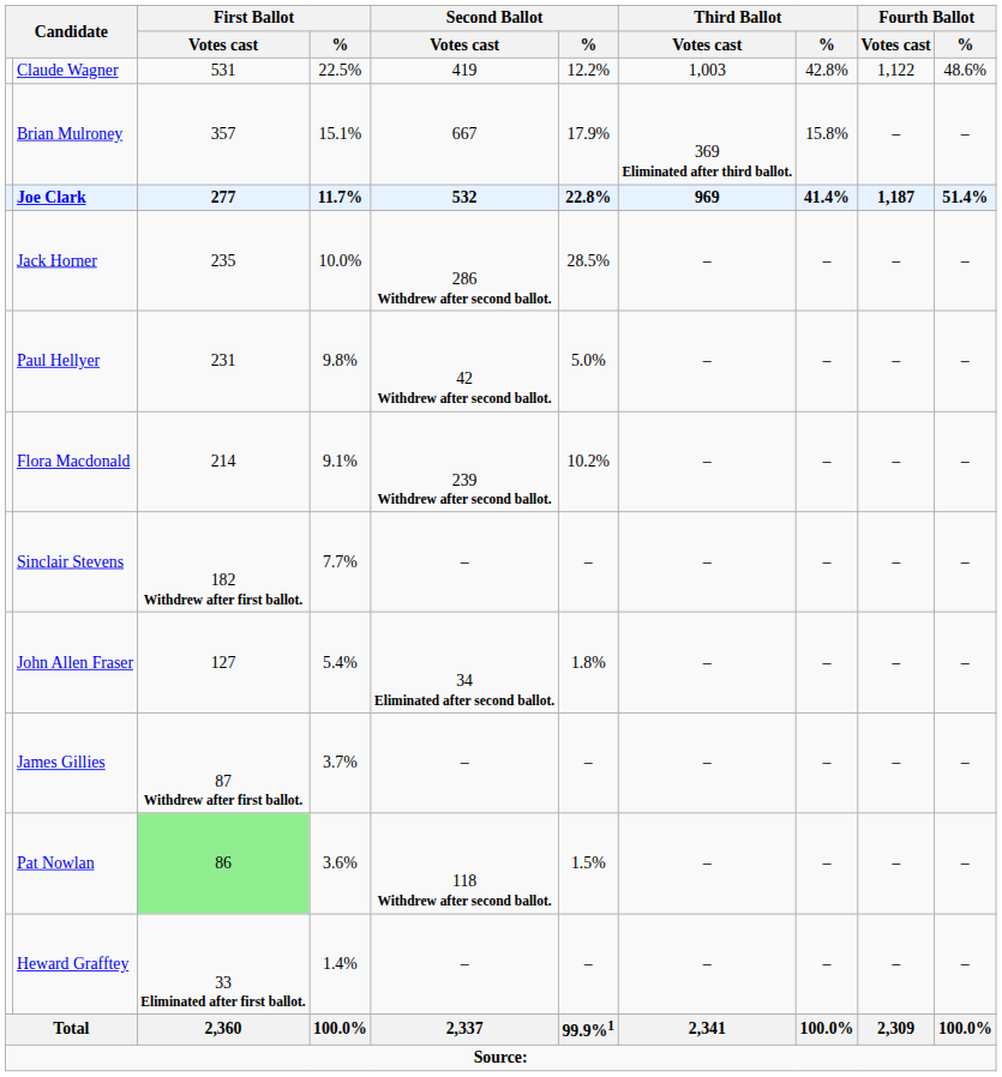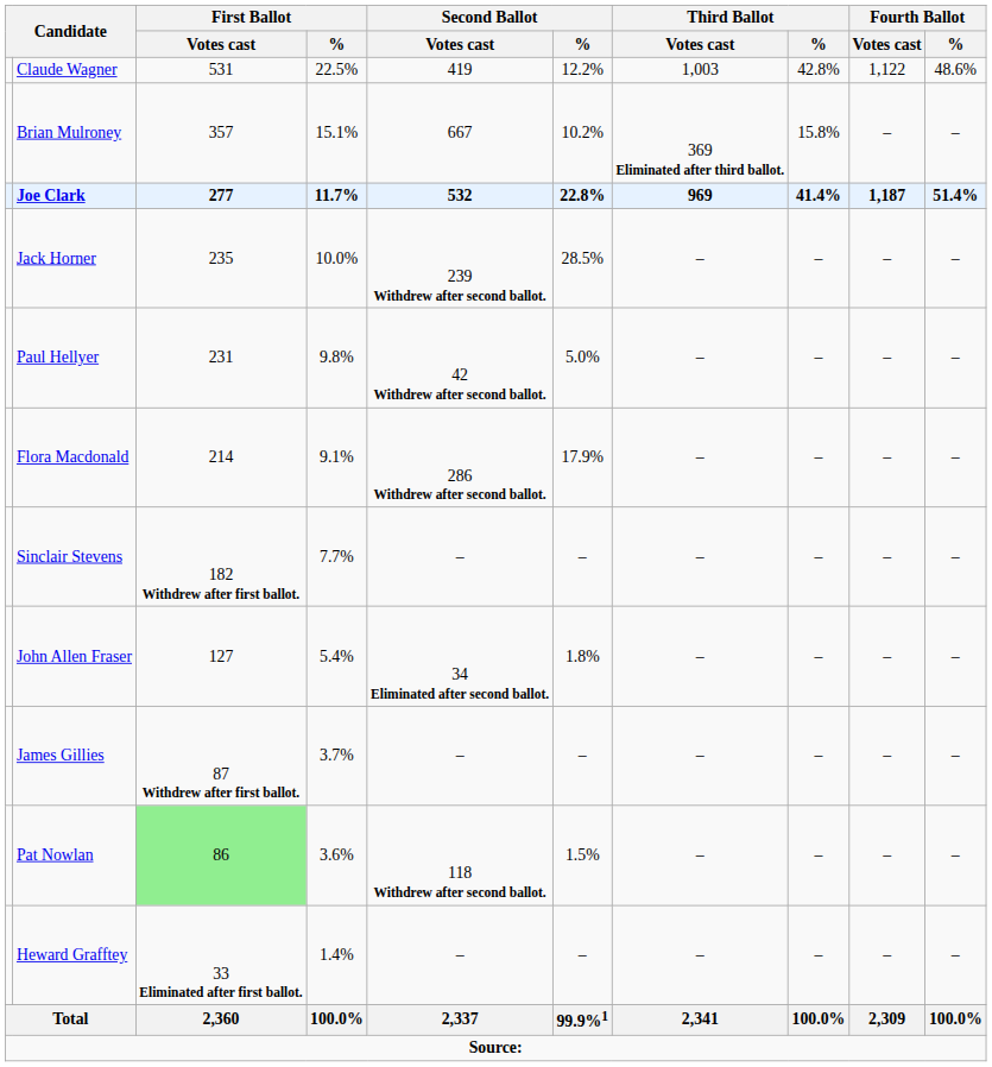 <table class="wikitable">
 <tr>
 <th rowspan="2" colspan="2">Candidate</th>
 <th colspan = "2">First Ballot</th>
 <th colspan = "2">Second Ballot</th>
 <th colspan = "2">Third Ballot</th>
 <th colspan = "2">Fourth Ballot</th>
 </tr>
 <tr>
 <th>Votes cast</th>
 <th>%</th>
 <th>Votes cast</th>
 <th>%</th>
 <th>Votes cast</th>
 <th>%</th>
 <th>Votes cast</th>
 <th>%</th>
 </tr>
 <tr>
 <td></td>
 <td><a href='#'>Claude Wagner</a></td>
 <td align = "center">531</td>
 <td align = "center">22.5%</td>
 <td align = "center">419</td>
 <td align = "center">12.2%</td>
 <td align = "center">1,003</td>
 <td align = "center">42.8%</td>
 <td align = "center">1,122</td>
 <td align = "center">48.6%</td>
 </tr>
 <tr>
 <td></td>
 <td><a href='#'>Brian Mulroney</a></td>
 <td align = "center">357</td>
 <td align = "center">15.1%</td>
 <td align = "center">667</td>
-<td align = "center">17.9%</td>
+<td align = "center">10.2%</td>
 <td align = "center"><br><br><br>369<br><strong><small>Eliminated after third ballot.</small></strong></td>
 <td align = "center">15.8%</td>
 <td align = "center">–</td>
 <td align = "center">–</td>
 </tr>
 <tr style="background:#E6F2FF">
 <td></td>
 <td><strong><a href='#'>Joe Clark</a></strong></td>
 <td align = "center"><strong>277</strong></td>
 <td align = "center"><strong>11.7%</strong></td>
 <td align = "center"><strong>532</strong></td>
 <td align = "center"><strong>22.8%</strong></td>
 <td align = "center"><strong>969</strong></td>
 <td align = "center"><strong>41.4%</strong></td>
 <td align = "center"><strong>1,187</strong></td>
 <td align = "center"><strong>51.4%</strong></td>
 </tr>
 <tr>
 <td></td>
 <td><a href='#'>Jack Horner</a></td>
 <td align = "center">235</td>
 <td align = "center">10.0%</td>
-<td align = "center"><br><br><br>286<br><strong><small>Withdrew after second ballot.</small></strong></td>
+<td align = "center"><br><br><br>239<br><strong><small>Withdrew after second ballot.</small></strong></td>
 <td align = "center">28.5%</td>
 <td align = "center">–</td>
 <td align = "center">–</td>
 <td align = "center">–</td>
 <td align = "center">–</td>
 </tr>
 <tr>
 <td></td>
 <td><a href='#'>Paul Hellyer</a></td>
 <td align = "center">231</td>
 <td align = "center">9.8%</td>
 <td align = "center"><br><br><br>42<br><strong><small>Withdrew after second ballot.</small></strong></td>
 <td align = "center">5.0%</td>
 <td align = "center">–</td>
 <td align = "center">–</td>
 <td align = "center">–</td>
 <td align = "center">–</td>
 </tr>
 <tr>
 <td></td>
 <td><a href='#'>Flora Macdonald</a></td>
 <td align = "center">214</td>
 <td align = "center">9.1%</td>
-<td align = "center"><br><br><br>239<br><strong><small>Withdrew after second ballot.</small></strong></td>
-<td align = "center">10.2%</td>
+<td align = "center"><br><br><br>286<br><strong><small>Withdrew after second ballot.</small></strong></td>
+<td align = "center">17.9%</td>
 <td align = "center">–</td>
 <td align = "center">–</td>
 <td align = "center">–</td>
 <td align = "center">–</td>
 </tr>
 <tr>
 <td></td>
 <td><a href='#'>Sinclair Stevens</a></td>
 <td align = "center"><br><br><br>182<br><strong><small>Withdrew after first ballot.</small></strong></td>
 <td align = "center">7.7%</td>
 <td align = "center">–</td>
 <td align = "center">–</td>
 <td align = "center">–</td>
 <td align = "center">–</td>
 <td align = "center">–</td>
 <td align = "center">–</td>
 </tr>
 <tr>
 <td></td>
 <td><a href='#'>John Allen Fraser</a></td>
 <td align = "center">127</td>
 <td align = "center">5.4%</td>
 <td align = "center"><br><br><br>34<br><strong><small>Eliminated after second ballot.</small></strong></td>
 <td align = "center">1.8%</td>
 <td align = "center">–</td>
 <td align = "center">–</td>
 <td align = "center">–</td>
 <td align = "center">–</td>
 </tr>
 <tr>
 <td></td>
 <td><a href='#'>James Gillies</a></td>
 <td align = "center"><br><br><br>87<br><strong><small>Withdrew after first ballot.</small></strong></td>
 <td align = "center">3.7%</td>
 <td align = "center">–</td>
 <td align = "center">–</td>
 <td align = "center">–</td>
 <td align = "center">–</td>
 <td align = "center">–</td>
 <td align = "center">–</td>
 </tr>
 <tr>
 <td></td>
 <td><a href='#'>Pat Nowlan</a></td>
 <td align = "center" style="background: lightgreen;">86</td>
 <td align = "center">3.6%</td>
 <td align = "center"><br><br><br>118 <br><strong><small>Withdrew after second ballot.</small></strong></td>
 <td align = "center">1.5%</td>
 <td align = "center">–</td>
 <td align = "center">–</td>
 <td align = "center">–</td>
 <td align = "center">–</td>
 </tr>
 <tr>
 <td></td>
 <td><a href='#'>Heward Grafftey</a></td>
 <td align = "center"><br><br><br>33<br> <strong><small>Eliminated after first ballot.</small></strong></td>
 <td align = "center">1.4%</td>
 <td align = "center">–</td>
 <td align = "center">–</td>
 <td align = "center">–</td>
 <td align = "center">–</td>
 <td align = "center">–</td>
 <td align = "center">–</td>
 </tr>
 <tr>
 <th colspan = "2">Total</th>
 <th>2,360</th>
 <th>100.0%</th>
 <th>2,337</th>
 <th>99.9%<sup>1</sup></th>
 <th>2,341</th>
 <th>100.0%</th>
 <th>2,309</th>
 <th>100.0%</th>
 </tr>
 <tr>
 <td colspan=10 align = "center"><strong>Source:</strong>  </td>
 </tr>
 </table>
